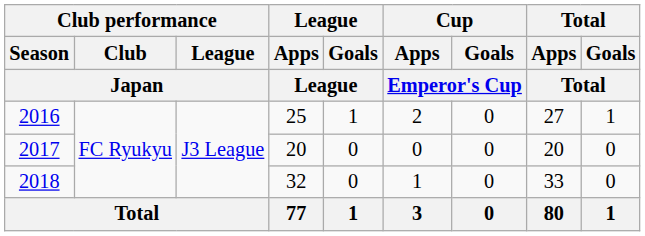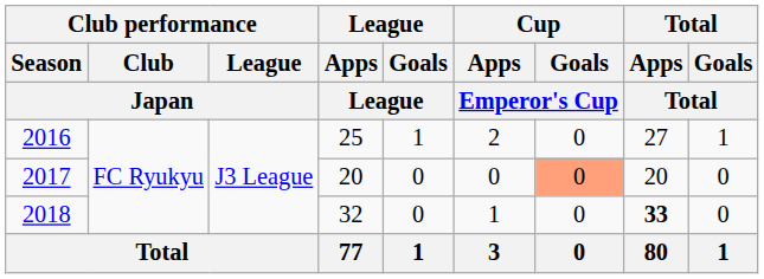 <table class="wikitable" style="text-align:center;">
 <tr>
 <th colspan=3>Club performance</th>
 <th colspan=2>League</th>
 <th colspan=2>Cup</th>
 <th colspan=2>Total</th>
 </tr>
 <tr>
 <th>Season</th>
 <th>Club</th>
 <th>League</th>
 <th>Apps</th>
 <th>Goals</th>
 <th>Apps</th>
 <th>Goals</th>
 <th>Apps</th>
 <th>Goals</th>
 </tr>
 <tr>
 <th colspan=3>Japan</th>
 <th colspan=2>League</th>
 <th colspan=2><a href='#'>Emperor's Cup</a></th>
 <th colspan=2>Total</th>
 </tr>
 <tr>
 <td><a href='#'>2016</a></td>
 <td rowspan="3"><a href='#'>FC Ryukyu</a></td>
 <td rowspan="3"><a href='#'>J3 League</a></td>
 <td>25</td>
 <td>1</td>
 <td>2</td>
 <td>0</td>
 <td>27</td>
 <td>1</td>
 </tr>
 <tr>
 <td><a href='#'>2017</a></td>
 <td>20</td>
 <td>0</td>
 <td>0</td>
-<td>0</td>
+<td style="background: lightsalmon;">0</td>
 <td>20</td>
 <td>0</td>
 </tr>
 <tr>
 <td><a href='#'>2018</a></td>
 <td>32</td>
 <td>0</td>
 <td>1</td>
 <td>0</td>
-<td>33</td>
+<td><strong>33</strong></td>
 <td>0</td>
 </tr>
 <tr>
 <th colspan=3>Total</th>
 <th>77</th>
 <th>1</th>
 <th>3</th>
 <th>0</th>
 <th>80</th>
 <th>1</th>
 </tr>
 </table>
